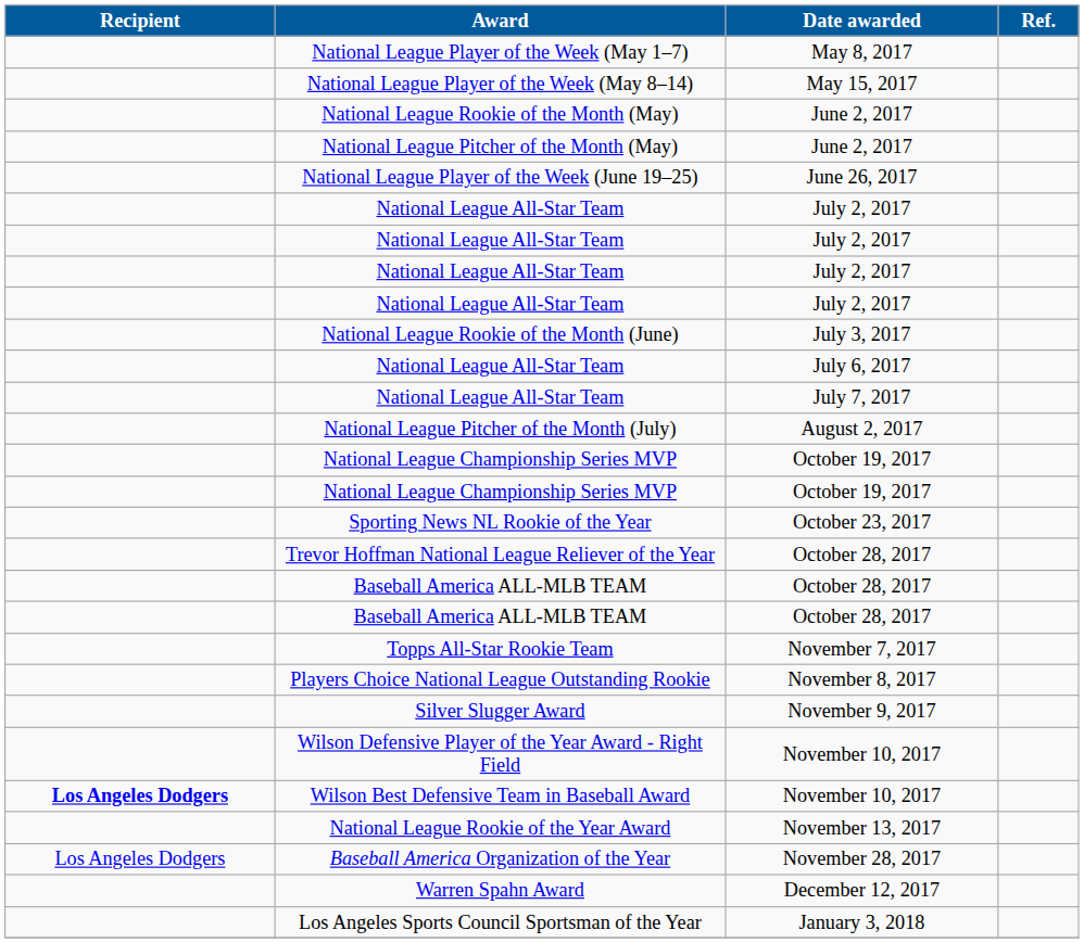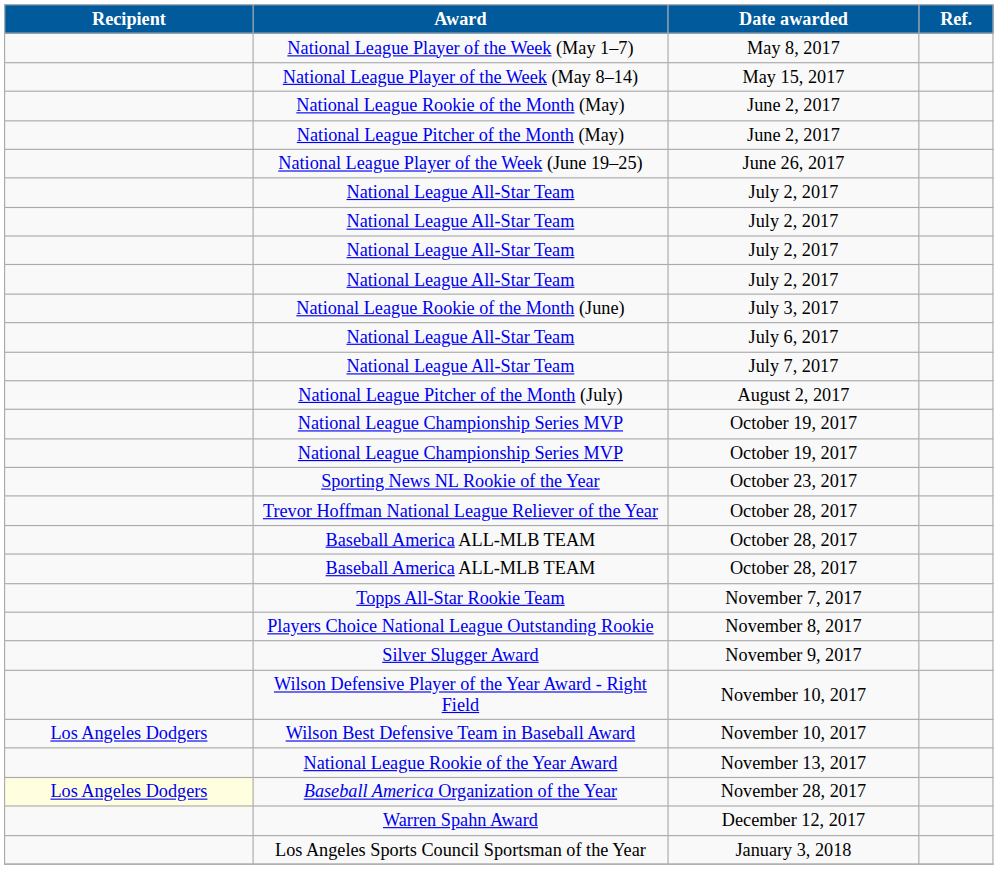 <table class="wikitable sortable collapsible" style="text-align:center">
 <tr>
 <th style="background:#005A9C; color:#FFF" width="5%">Recipient</th>
 <th style="background:#005A9C; color:#FFF" width="9%">Award</th>
 <th style="background:#005A9C; color:#FFF" width="5%">Date awarded</th>
 <th style="background:#005A9C; color:#FFF" width="1%" class="unsortable">Ref.</th>
 </tr>
 <tr>
 <td></td>
 <td><a href='#'>National League Player of the Week</a> (May 1–7)</td>
 <td>May 8, 2017</td>
 <td></td>
 </tr>
 <tr>
 <td></td>
 <td><a href='#'>National League Player of the Week</a> (May 8–14)</td>
 <td>May 15, 2017</td>
 <td></td>
 </tr>
 <tr>
 <td></td>
 <td><a href='#'>National League Rookie of the Month</a> (May)</td>
 <td>June 2, 2017</td>
 <td></td>
 </tr>
 <tr>
 <td></td>
 <td><a href='#'>National League Pitcher of the Month</a> (May)</td>
 <td>June 2, 2017</td>
 <td></td>
 </tr>
 <tr>
 <td></td>
 <td><a href='#'>National League Player of the Week</a> (June 19–25)</td>
 <td>June 26, 2017</td>
 <td></td>
 </tr>
 <tr>
 <td></td>
 <td><a href='#'>National League All-Star Team</a></td>
 <td>July 2, 2017</td>
 <td></td>
 </tr>
 <tr>
 <td></td>
 <td><a href='#'>National League All-Star Team</a></td>
 <td>July 2, 2017</td>
 <td></td>
 </tr>
 <tr>
 <td></td>
 <td><a href='#'>National League All-Star Team</a></td>
 <td>July 2, 2017</td>
 <td></td>
 </tr>
 <tr>
 <td></td>
 <td><a href='#'>National League All-Star Team</a></td>
 <td>July 2, 2017</td>
 <td></td>
 </tr>
 <tr>
 <td></td>
 <td><a href='#'>National League Rookie of the Month</a> (June)</td>
 <td>July 3, 2017</td>
 <td></td>
 </tr>
 <tr>
 <td></td>
 <td><a href='#'>National League All-Star Team</a></td>
 <td>July 6, 2017</td>
 <td></td>
 </tr>
 <tr>
 <td></td>
 <td><a href='#'>National League All-Star Team</a></td>
 <td>July 7, 2017</td>
 <td></td>
 </tr>
 <tr>
 <td></td>
 <td><a href='#'>National League Pitcher of the Month</a> (July)</td>
 <td>August 2, 2017</td>
 <td></td>
 </tr>
 <tr>
 <td></td>
 <td><a href='#'>National League Championship Series MVP</a></td>
 <td>October 19, 2017</td>
 <td></td>
 </tr>
 <tr>
 <td></td>
 <td><a href='#'>National League Championship Series MVP</a></td>
 <td>October 19, 2017</td>
 <td></td>
 </tr>
 <tr>
 <td></td>
 <td><a href='#'>Sporting News NL Rookie of the Year</a></td>
 <td>October 23, 2017</td>
 <td></td>
 </tr>
 <tr>
 <td></td>
 <td><a href='#'>Trevor Hoffman National League Reliever of the Year</a></td>
 <td>October 28, 2017</td>
 <td></td>
 </tr>
 <tr>
 <td></td>
 <td><a href='#'>Baseball America</a> ALL-MLB TEAM</td>
 <td>October 28, 2017</td>
 <td></td>
 </tr>
 <tr>
 <td></td>
 <td><a href='#'>Baseball America</a> ALL-MLB TEAM</td>
 <td>October 28, 2017</td>
 <td></td>
 </tr>
 <tr>
 <td></td>
 <td><a href='#'>Topps All-Star Rookie Team</a></td>
 <td>November 7, 2017</td>
 <td></td>
 </tr>
 <tr>
 <td></td>
 <td><a href='#'>Players Choice National League Outstanding Rookie</a></td>
 <td>November 8, 2017</td>
 <td></td>
 </tr>
 <tr>
 <td></td>
 <td><a href='#'>Silver Slugger Award</a></td>
 <td>November 9, 2017</td>
 <td></td>
 </tr>
 <tr>
 <td></td>
 <td><a href='#'>Wilson Defensive Player of the Year Award - Right Field</a></td>
 <td>November 10, 2017</td>
 <td></td>
 </tr>
 <tr>
-<td><strong><a href='#'>Los Angeles Dodgers</a></strong></td>
+<td><a href='#'>Los Angeles Dodgers</a></td>
 <td><a href='#'>Wilson Best Defensive Team in Baseball Award</a></td>
 <td>November 10, 2017</td>
 <td></td>
 </tr>
 <tr>
 <td></td>
 <td><a href='#'>National League Rookie of the Year Award</a></td>
 <td>November 13, 2017</td>
 <td></td>
 </tr>
 <tr>
-<td><a href='#'>Los Angeles Dodgers</a></td>
+<td style="background: lightyellow;"><a href='#'>Los Angeles Dodgers</a></td>
 <td><a href='#'><em>Baseball America</em> Organization of the Year</a></td>
 <td>November 28, 2017</td>
 <td></td>
 </tr>
 <tr>
 <td></td>
 <td><a href='#'>Warren Spahn Award</a></td>
 <td>December 12, 2017</td>
 <td></td>
 </tr>
 <tr>
 <td></td>
 <td>Los Angeles Sports Council Sportsman of the Year</td>
 <td>January 3, 2018</td>
 <td></td>
 </tr>
 <tr>
 </tr>
 </table>
